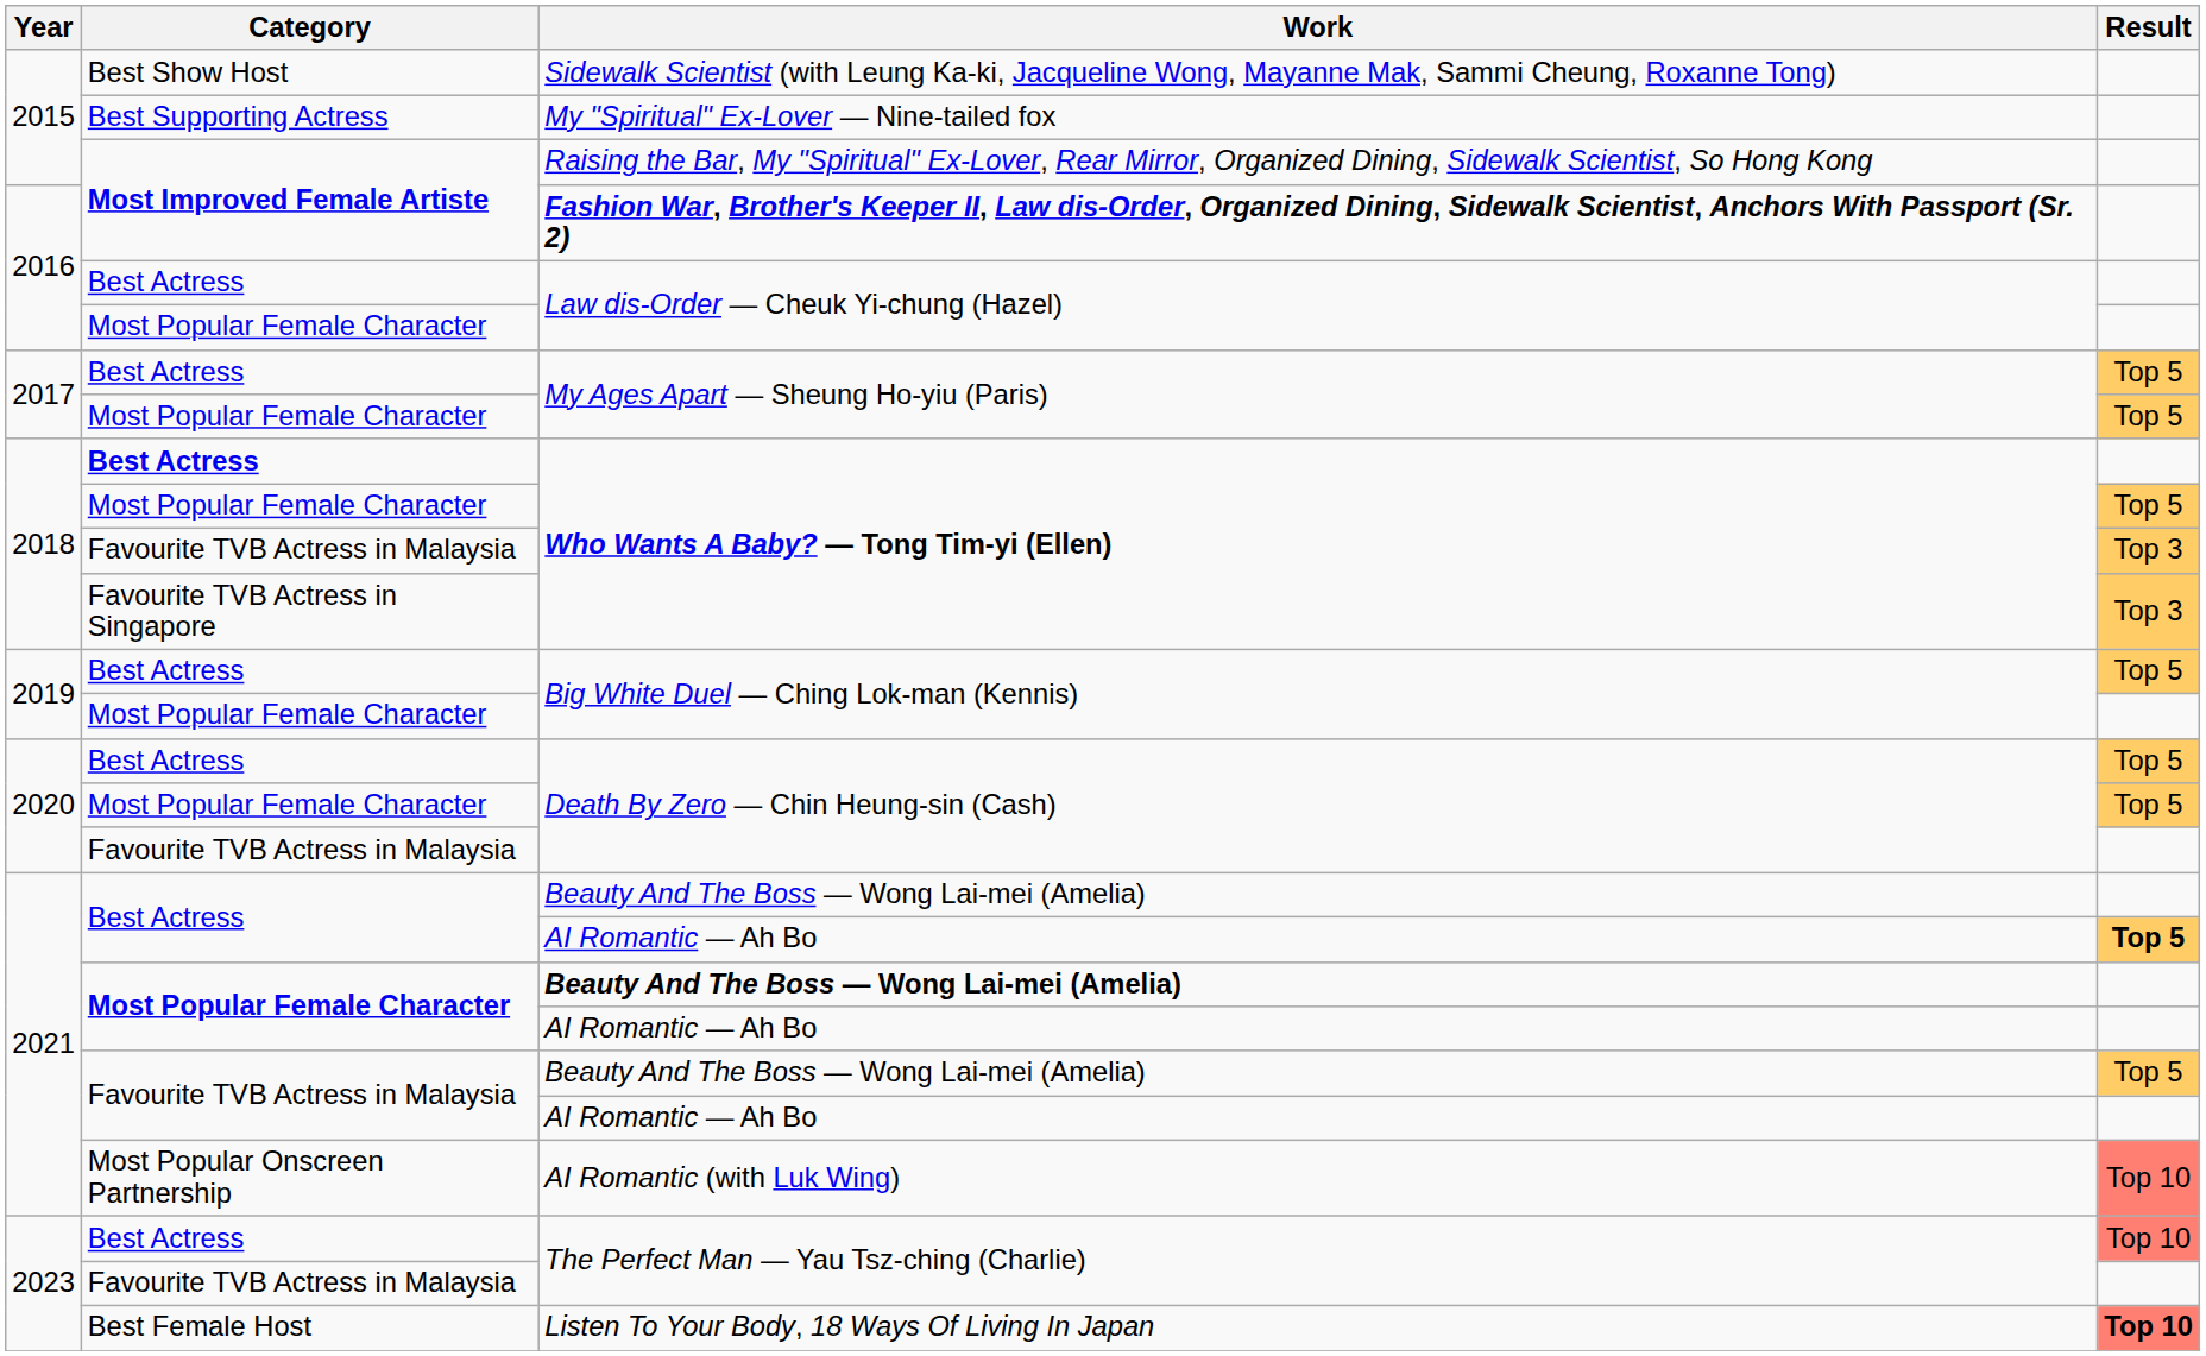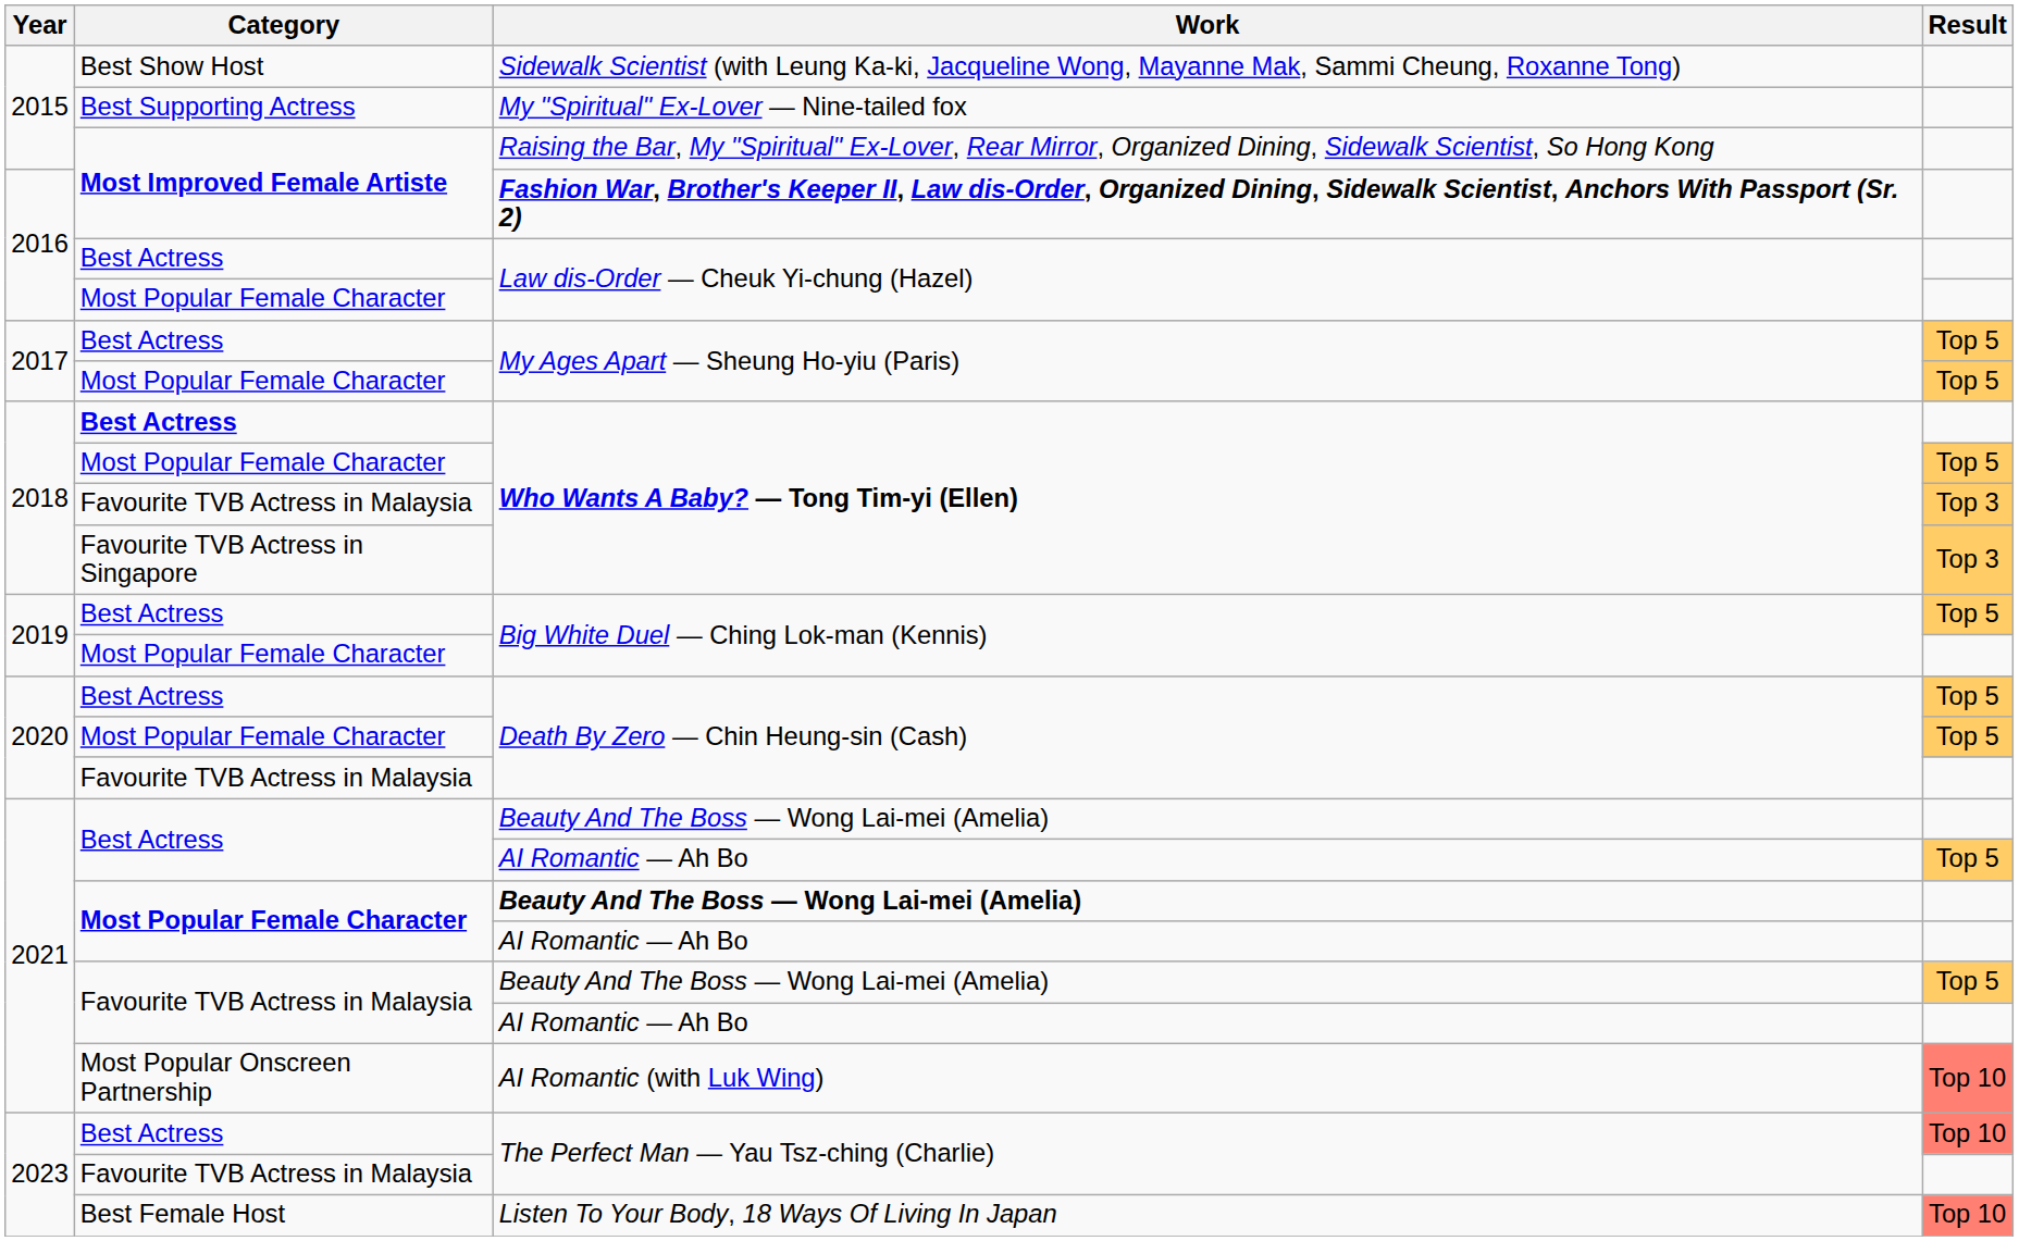 <table class="wikitable sortable">
 <tr>
 <th>Year</th>
 <th>Category</th>
 <th>Work</th>
 <th>Result</th>
 </tr>
 <tr>
 <td rowspan=3>2015</td>
 <td>Best Show Host</td>
 <td><em><a href='#'>Sidewalk Scientist</a></em> (with Leung Ka-ki, <a href='#'>Jacqueline Wong</a>, <a href='#'>Mayanne Mak</a>, Sammi Cheung, <a href='#'>Roxanne Tong</a>)</td>
 <td></td>
 </tr>
 <tr>
 <td><a href='#'>Best Supporting Actress</a></td>
 <td><em><a href='#'>My "Spiritual" Ex-Lover</a></em> — Nine-tailed fox</td>
 <td></td>
 </tr>
 <tr>
 <td rowspan=2><strong><a href='#'>Most Improved Female Artiste</a></strong></td>
 <td><em><a href='#'>Raising the Bar</a></em>, <em><a href='#'>My "Spiritual" Ex-Lover</a></em>, <em><a href='#'>Rear Mirror</a></em>, <em>Organized Dining</em>, <em><a href='#'>Sidewalk Scientist</a></em>, <em>So Hong Kong</em></td>
 <td></td>
 </tr>
 <tr>
 <td rowspan=3>2016</td>
 <td><strong> <em><a href='#'>Fashion War</a></em>,  <em><a href='#'>Brother's Keeper II</a></em>, <em><a href='#'>Law dis-Order</a></em>, <em>Organized Dining</em>, <em>Sidewalk Scientist</em>, <em>Anchors With Passport (Sr. 2)</em> </strong></td>
 <td></td>
 </tr>
 <tr>
 <td><a href='#'>Best Actress</a></td>
 <td rowspan=2><em><a href='#'>Law dis-Order</a></em> — Cheuk Yi-chung (Hazel)</td>
 <td></td>
 </tr>
 <tr>
 <td><a href='#'>Most Popular Female Character</a></td>
 <td></td>
 </tr>
 <tr>
 <td rowspan=2>2017</td>
 <td><a href='#'>Best Actress</a></td>
 <td rowspan=2><em><a href='#'>My Ages Apart</a></em> — Sheung Ho-yiu (Paris)</td>
 <td style="background-color:#ffcc66; text-align:center;">Top 5</td>
 </tr>
 <tr>
 <td><a href='#'>Most Popular Female Character</a></td>
 <td style="background-color:#ffcc66; text-align:center;">Top 5</td>
 </tr>
 <tr>
 <td rowspan=4>2018</td>
 <td><strong> <a href='#'>Best Actress</a> </strong></td>
 <td rowspan=4><strong> <em><a href='#'>Who Wants A Baby?</a></em> — Tong Tim-yi (Ellen) </strong></td>
 <td></td>
 </tr>
 <tr>
 <td><a href='#'>Most Popular Female Character</a></td>
 <td style="background-color:#ffcc66; text-align:center;">Top 5</td>
 </tr>
 <tr>
 <td>Favourite TVB Actress in Malaysia</td>
 <td style="background-color:#ffcc66; text-align:center;">Top 3</td>
 </tr>
 <tr>
 <td>Favourite TVB Actress in Singapore</td>
 <td style="background-color:#ffcc66; text-align:center;">Top 3</td>
 </tr>
 <tr>
 <td rowspan=2>2019</td>
 <td><a href='#'>Best Actress</a></td>
 <td rowspan=2><em><a href='#'>Big White Duel</a></em> — Ching Lok-man (Kennis)</td>
 <td style="background-color:#ffcc66; text-align:center;">Top 5</td>
 </tr>
 <tr>
 <td><a href='#'>Most Popular Female Character</a></td>
 <td></td>
 </tr>
 <tr>
 <td rowspan=3>2020</td>
 <td><a href='#'>Best Actress</a></td>
 <td rowspan=3><em><a href='#'>Death By Zero</a></em> — Chin Heung-sin (Cash)</td>
 <td style="background-color:#ffcc66; text-align:center;">Top 5</td>
 </tr>
 <tr>
 <td><a href='#'>Most Popular Female Character</a></td>
 <td style="background-color:#ffcc66; text-align:center;">Top 5</td>
 </tr>
 <tr>
 <td>Favourite TVB Actress in Malaysia</td>
 <td></td>
 </tr>
 <tr>
 <td rowspan=7>2021</td>
 <td rowspan=2><a href='#'>Best Actress</a></td>
 <td><em><a href='#'>Beauty And The Boss</a></em> — Wong Lai-mei (Amelia)</td>
 <td></td>
 </tr>
 <tr>
 <td><em><a href='#'>AI Romantic</a></em> — Ah Bo</td>
-<td style="background-color:#ffcc66; text-align:center;"><strong>Top 5</strong></td>
+<td style="background-color:#ffcc66; text-align:center;">Top 5</td>
 </tr>
 <tr>
 <td rowspan=2><strong> <a href='#'>Most Popular Female Character</a> </strong></td>
 <td><strong> <em>Beauty And The Boss</em> — Wong Lai-mei (Amelia) </strong></td>
 <td></td>
 </tr>
 <tr>
 <td><em>AI Romantic</em> — Ah Bo</td>
 <td></td>
 </tr>
 <tr>
 <td rowspan=2>Favourite TVB Actress in Malaysia</td>
 <td><em>Beauty And The Boss</em> — Wong Lai-mei (Amelia)</td>
 <td style="background-color:#ffcc66; text-align:center;">Top 5</td>
 </tr>
 <tr>
 <td><em>AI Romantic</em> — Ah Bo</td>
 <td></td>
 </tr>
 <tr>
 <td>Most Popular Onscreen Partnership</td>
 <td><em>AI Romantic</em> (with <a href='#'>Luk Wing</a>)</td>
 <td style="background-color:#ff8072; text-align:center;">Top 10</td>
 </tr>
 <tr>
 <td rowspan=3>2023</td>
 <td><a href='#'>Best Actress</a></td>
 <td rowspan=2><em>The Perfect Man</em> — Yau Tsz-ching (Charlie)</td>
 <td style="background-color:#ff8072; text-align:center;">Top 10</td>
 </tr>
 <tr>
 <td>Favourite TVB Actress in Malaysia</td>
 <td></td>
 </tr>
 <tr>
 <td>Best Female Host</td>
 <td><em>Listen To Your Body</em>, <em>18 Ways Of Living In Japan</em></td>
-<td style="background-color:#ff8072; text-align:center;"><strong>Top 10</strong></td>
+<td style="background-color:#ff8072; text-align:center;">Top 10</td>
 </tr>
 </table>
